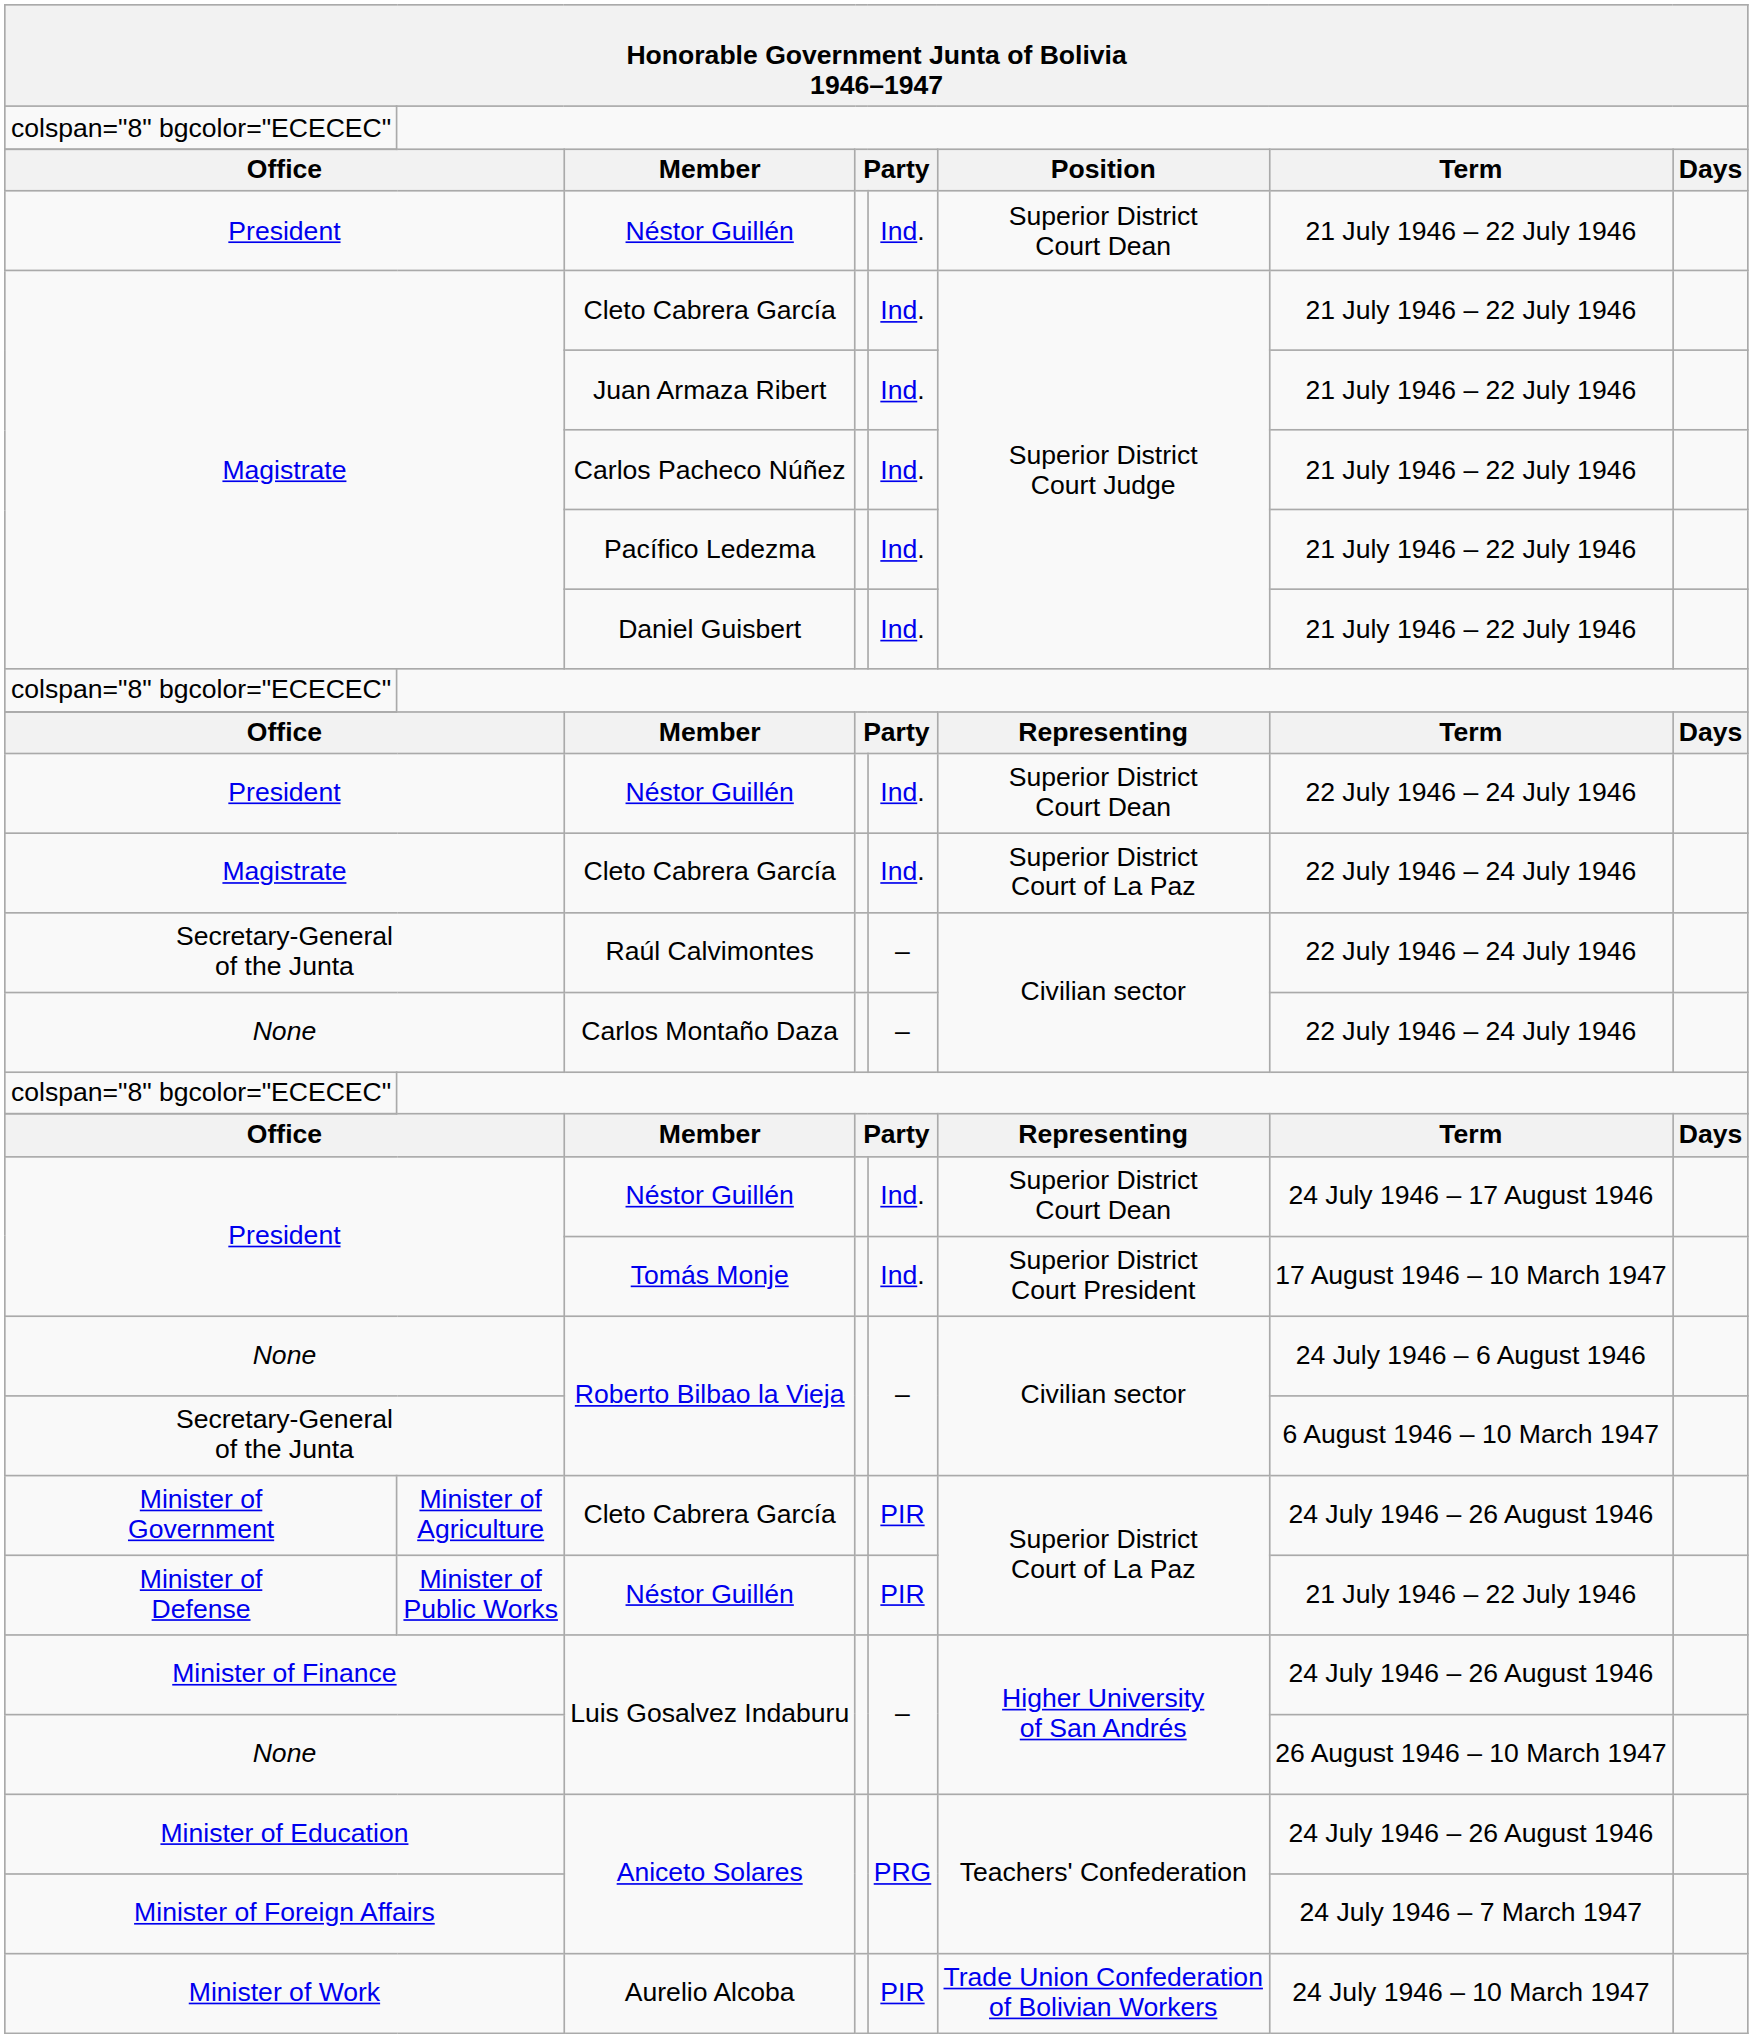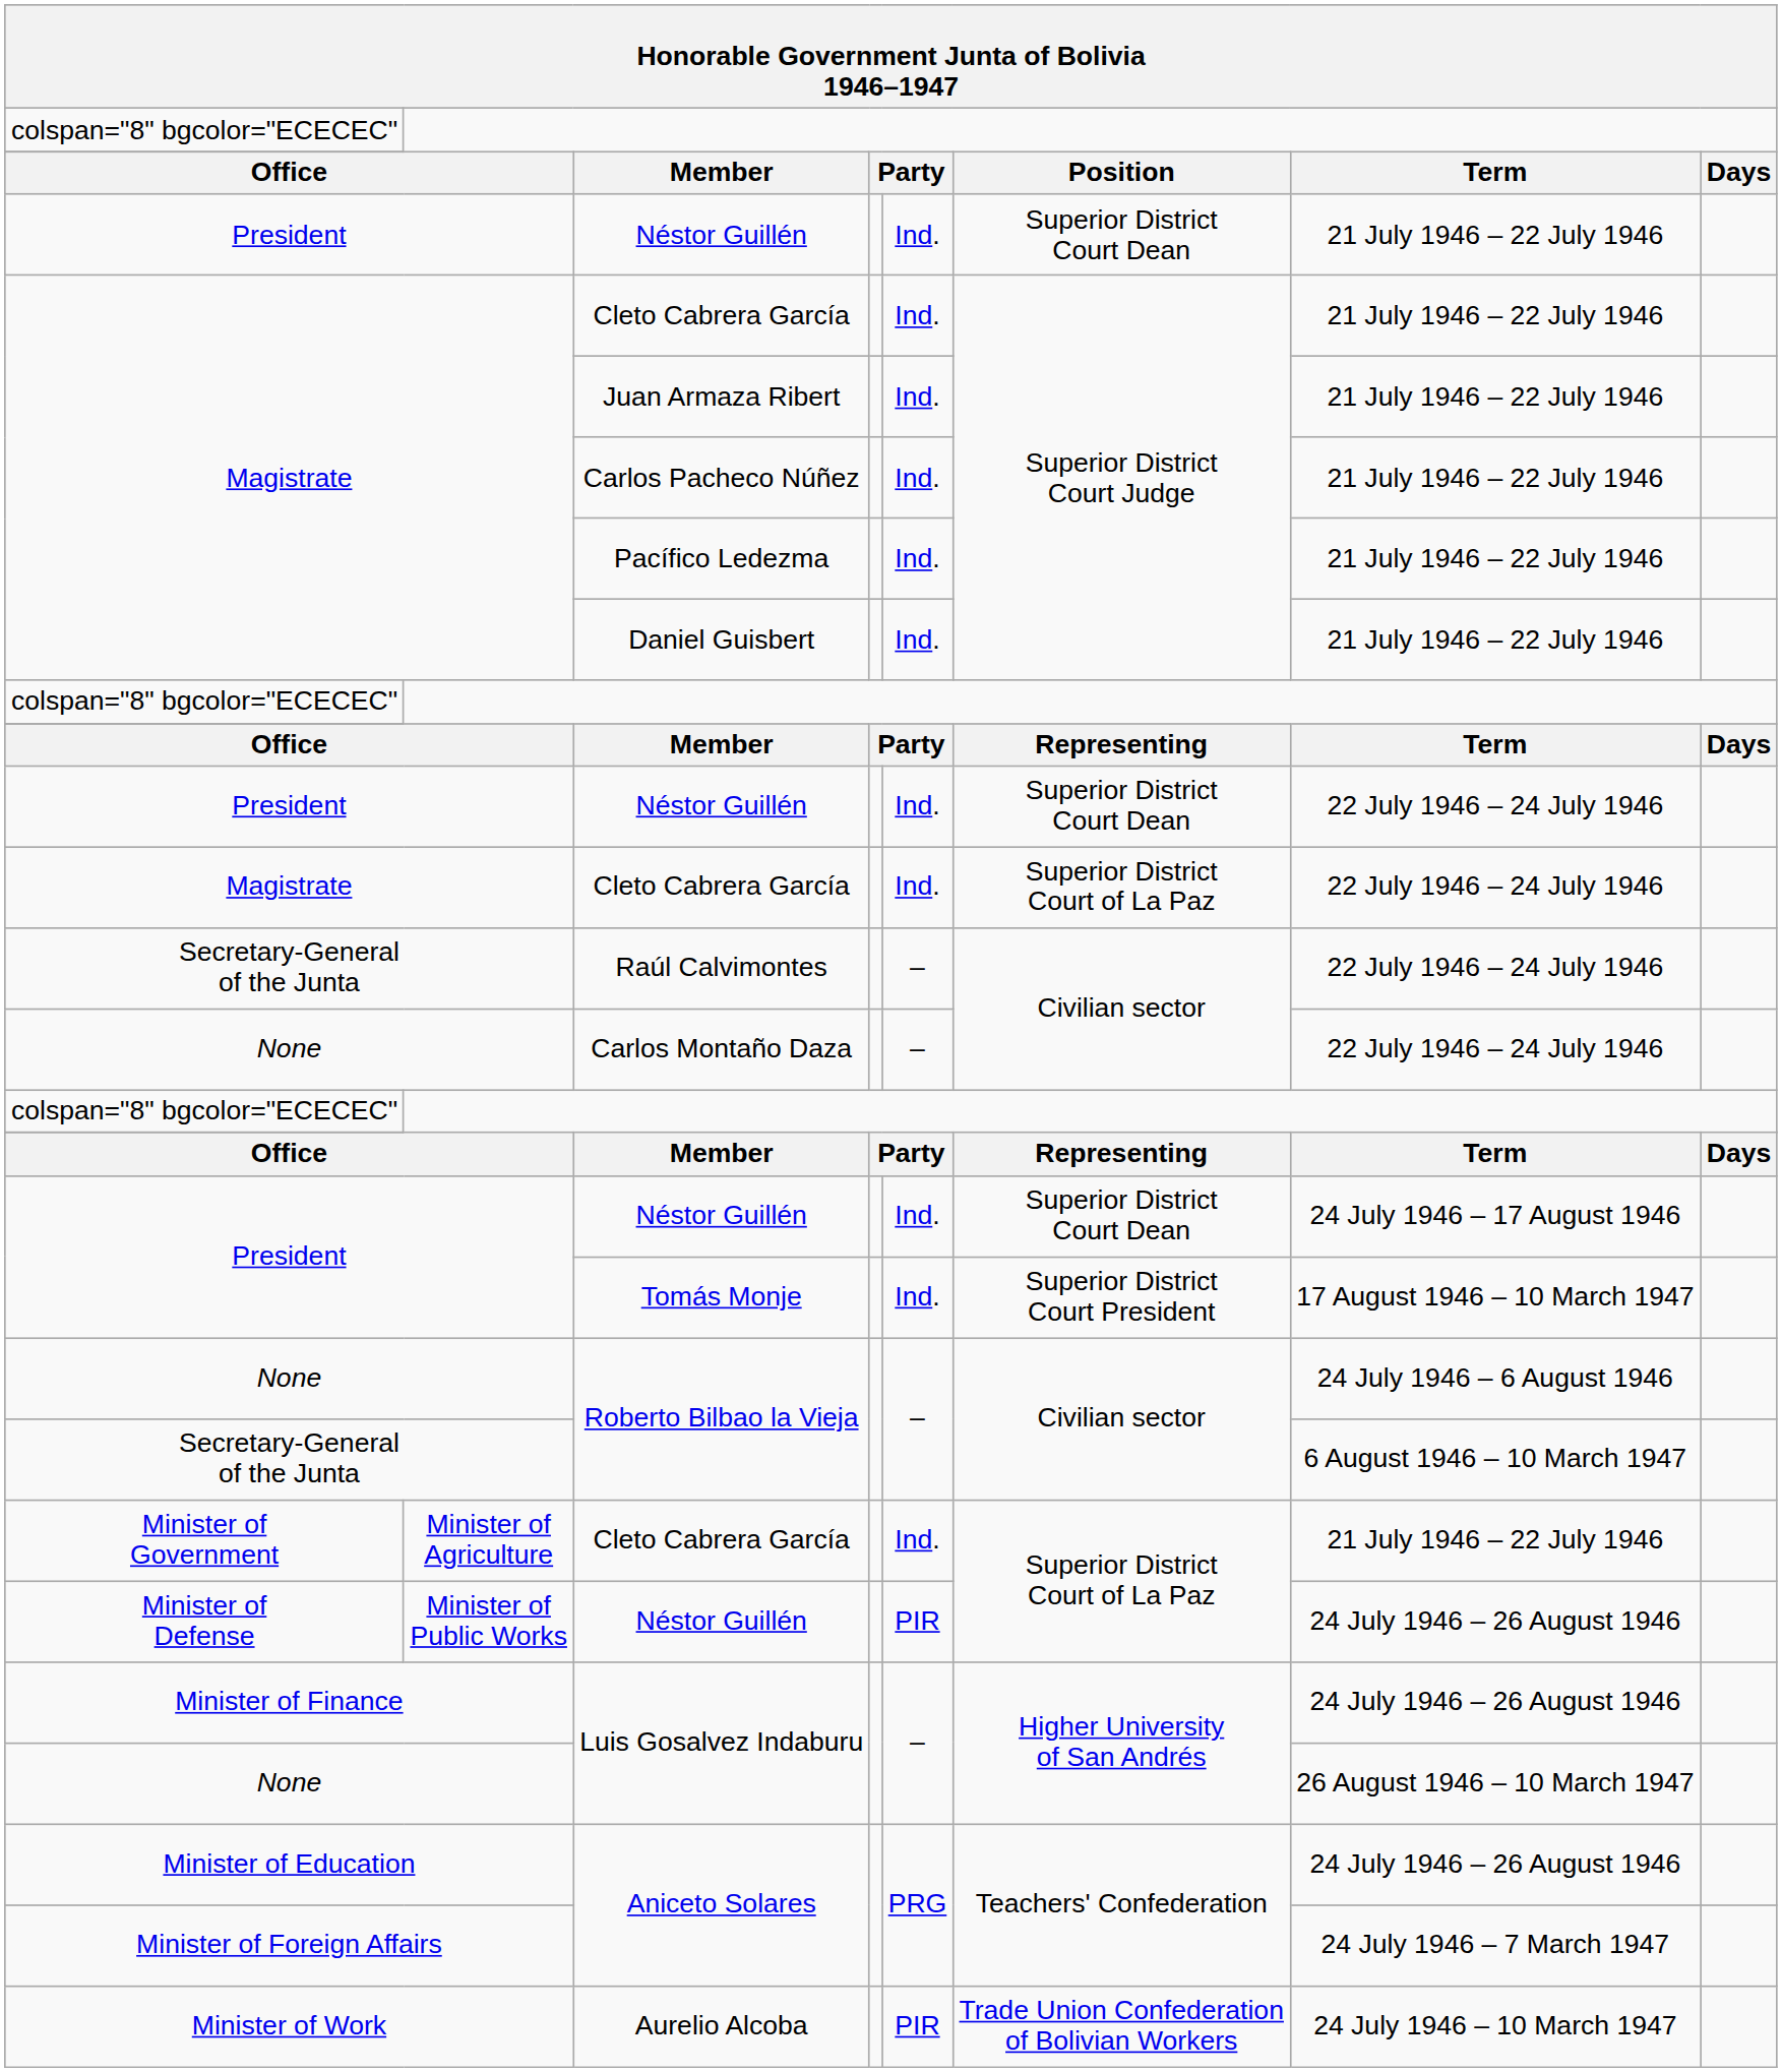 <table class="wikitable" style="text-align:center;">
 <tr>
 <th colspan="8" style="background-color:"><br><strong>Honorable</strong> Government Junta of Bolivia<br>1946–1947</th>
 </tr>
 <tr>
 <td>colspan="8" bgcolor="ECECEC" </td>
 </tr>
 <tr>
 </tr>
 <tr style="font-weight:bold;">
 <th colspan="2">Office</th>
 <th>Member</th>
 <th colspan="2">Party</th>
 <th>Position</th>
 <th>Term</th>
 <th>Days<br></th>
 </tr>
 <tr style="height:3em;">
 <td colspan="2"><a href='#'>President</a></td>
 <td><a href='#'>Néstor Guillén</a></td>
 <td style="background:"></td>
 <td><a href='#'>Ind</a>.</td>
 <td>Superior District<br>Court Dean</td>
 <td>21 July 1946 – 22 July 1946</td>
 <td><br></td>
 </tr>
 <tr style="height:3em;">
 <td colspan="2" rowspan="5"><a href='#'>Magistrate</a></td>
 <td>Cleto Cabrera García</td>
 <td style="background:"></td>
 <td><a href='#'>Ind</a>.</td>
 <td rowspan="5">Superior District<br>Court Judge</td>
 <td>21 July 1946 – 22 July 1946</td>
 <td></td>
 </tr>
 <tr style="height:3em;">
 <td>Juan Armaza Ribert</td>
 <td style="background:"></td>
 <td><a href='#'>Ind</a>.</td>
 <td>21 July 1946 – 22 July 1946</td>
 <td></td>
 </tr>
 <tr style="height:3em;">
 <td>Carlos Pacheco Núñez</td>
 <td style="background:"></td>
 <td><a href='#'>Ind</a>.</td>
 <td>21 July 1946 – 22 July 1946</td>
 <td></td>
 </tr>
 <tr style="height:3em;">
 <td>Pacífico Ledezma</td>
 <td style="background:"></td>
 <td><a href='#'>Ind</a>.</td>
 <td>21 July 1946 – 22 July 1946</td>
 <td></td>
 </tr>
 <tr style="height:3em;">
 <td>Daniel Guisbert</td>
 <td style="background:"></td>
 <td><a href='#'>Ind</a>.</td>
 <td>21 July 1946 – 22 July 1946</td>
 <td></td>
 </tr>
 <tr>
 <td>colspan="8" bgcolor="ECECEC" </td>
 </tr>
 <tr>
 </tr>
 <tr style="font-weight:bold;">
 <th colspan="2">Office</th>
 <th>Member</th>
 <th colspan="2">Party</th>
 <th>Representing</th>
 <th>Term</th>
 <th>Days<br></th>
 </tr>
 <tr style="height:3em;">
 <td colspan="2"><a href='#'>President</a></td>
 <td><a href='#'>Néstor Guillén</a></td>
 <td style="background:"></td>
 <td><a href='#'>Ind</a>.</td>
 <td>Superior District<br>Court Dean</td>
 <td>22 July 1946 – 24 July 1946</td>
 <td><br></td>
 </tr>
 <tr style="height:3em;">
 <td colspan="2"><a href='#'>Magistrate</a></td>
 <td>Cleto Cabrera García</td>
 <td style="background:"></td>
 <td><a href='#'>Ind</a>.</td>
 <td>Superior District<br>Court of La Paz</td>
 <td>22 July 1946 – 24 July 1946</td>
 <td><br></td>
 </tr>
 <tr style="height:3em;">
 <td colspan="2">Secretary-General<br>of the Junta</td>
 <td>Raúl Calvimontes</td>
 <td style="background:"></td>
 <td>–</td>
 <td rowspan="2">Civilian sector</td>
 <td>22 July 1946 – 24 July 1946</td>
 <td></td>
 </tr>
 <tr style="height:3em;">
 <td colspan="2"><em>None</em></td>
 <td>Carlos Montaño Daza</td>
 <td style="background:"></td>
 <td>–</td>
 <td>22 July 1946 – 24 July 1946</td>
 <td></td>
 </tr>
 <tr>
 <td>colspan="8" bgcolor="ECECEC" </td>
 </tr>
 <tr>
 </tr>
 <tr style="font-weight:bold;">
 <th colspan="2">Office</th>
 <th>Member</th>
 <th colspan="2">Party</th>
 <th>Representing</th>
 <th>Term</th>
 <th>Days<br></th>
 </tr>
 <tr style="height:3em;">
 <td rowspan="2" colspan="2"><a href='#'>President</a></td>
 <td><a href='#'>Néstor Guillén</a></td>
 <td style="background:"></td>
 <td><a href='#'>Ind</a>.</td>
 <td>Superior District<br>Court Dean</td>
 <td>24 July 1946 – 17 August 1946</td>
 <td></td>
 </tr>
 <tr style="height:3em;">
 <td><a href='#'>Tomás Monje</a></td>
 <td style="background:"></td>
 <td><a href='#'>Ind</a>.</td>
 <td>Superior District<br>Court President</td>
 <td>17 August 1946 – 10 March 1947</td>
 <td><br></td>
 </tr>
 <tr style="height:3em;">
 <td colspan="2"><em>None</em></td>
 <td rowspan="2"><a href='#'>Roberto Bilbao la Vieja</a></td>
 <td rowspan="2" style="background:"></td>
 <td rowspan="2">–</td>
 <td rowspan="2">Civilian sector</td>
 <td>24 July 1946 – 6 August 1946</td>
 <td></td>
 </tr>
 <tr style="height:3em;">
 <td colspan="2">Secretary-General<br>of the Junta</td>
 <td>6 August 1946 – 10 March 1947</td>
 <td><br></td>
 </tr>
 <tr style="height:3em;">
 <td><a href='#'>Minister of<br>Government</a></td>
 <td><a href='#'>Minister of<br>Agriculture</a></td>
 <td>Cleto Cabrera García</td>
 <td style="background:"></td>
-<td><a href='#'>PIR</a></td>
+<td><a href='#'>Ind</a>.</td>
 <td rowspan="2">Superior District<br>Court of La Paz</td>
-<td>24 July 1946 – 26 August 1946</td>
+<td>21 July 1946 – 22 July 1946</td>
 <td></td>
 </tr>
 <tr style="height:3em;">
 <td><a href='#'>Minister of<br>Defense</a></td>
 <td><a href='#'>Minister of<br>Public Works</a></td>
 <td><a href='#'>Néstor Guillén</a></td>
 <td style="background:"></td>
 <td><a href='#'>PIR</a></td>
-<td>21 July 1946 – 22 July 1946</td>
+<td>24 July 1946 – 26 August 1946</td>
 <td><br></td>
 </tr>
 <tr style="height:3em;">
 <td colspan="2"><a href='#'>Minister of Finance</a></td>
 <td rowspan="2">Luis Gosalvez Indaburu</td>
 <td rowspan="2" style="background:"></td>
 <td rowspan="2">–</td>
 <td rowspan="2"><a href='#'>Higher University<br>of San Andrés</a></td>
 <td>24 July 1946 – 26 August 1946</td>
 <td></td>
 </tr>
 <tr style="height:3em;">
 <td colspan="2"><em>None</em></td>
 <td>26 August 1946 – 10 March 1947</td>
 <td><br></td>
 </tr>
 <tr style="height:3em;">
 <td colspan="2"><a href='#'>Minister of Education</a></td>
 <td rowspan="2"><a href='#'>Aniceto Solares</a></td>
 <td rowspan="2" style="background:"></td>
 <td rowspan="2"><a href='#'>PRG</a></td>
 <td rowspan="2">Teachers' Confederation</td>
 <td>24 July 1946 – 26 August 1946</td>
 <td></td>
 </tr>
 <tr style="height:3em;">
 <td colspan="2"><a href='#'>Minister of Foreign Affairs</a></td>
 <td>24 July 1946 – 7 March 1947</td>
 <td><br></td>
 </tr>
 <tr style="height:3em;">
 <td colspan="2"><a href='#'>Minister of Work</a></td>
 <td>Aurelio Alcoba</td>
 <td style="background:"></td>
 <td><a href='#'>PIR</a></td>
 <td><a href='#'>Trade Union Confederation<br>of Bolivian Workers</a></td>
 <td>24 July 1946 – 10 March 1947</td>
 <td></td>
 </tr>
 </table>
